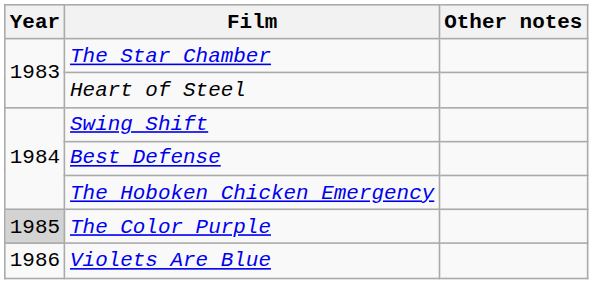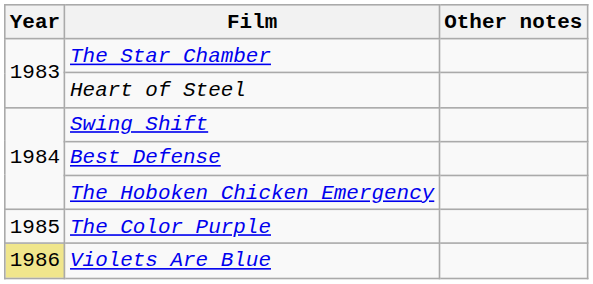 <table class="wikitable sortable">
 <tr>
 <th>Year</th>
 <th>Film</th>
 <th>Other notes</th>
 </tr>
 <tr>
 <td rowspan="2">1983</td>
 <td><em><a href='#'>The Star Chamber</a></em></td>
 <td></td>
 </tr>
 <tr>
 <td><em>Heart of Steel</em></td>
 <td></td>
 </tr>
 <tr>
 <td rowspan="3">1984</td>
 <td><em><a href='#'>Swing Shift</a></em></td>
 <td></td>
 </tr>
 <tr>
 <td><em><a href='#'>Best Defense</a></em></td>
 <td></td>
 </tr>
 <tr>
 <td><em><a href='#'>The Hoboken Chicken Emergency</a></em></td>
 <td></td>
 </tr>
 <tr>
-<td style="background: lightgrey;">1985</td>
+<td>1985</td>
 <td><em><a href='#'>The Color Purple</a></em></td>
 <td></td>
 </tr>
 <tr>
-<td>1986</td>
+<td style="background: khaki;">1986</td>
 <td><em><a href='#'>Violets Are Blue</a></em></td>
 <td></td>
 </tr>
 </table>
